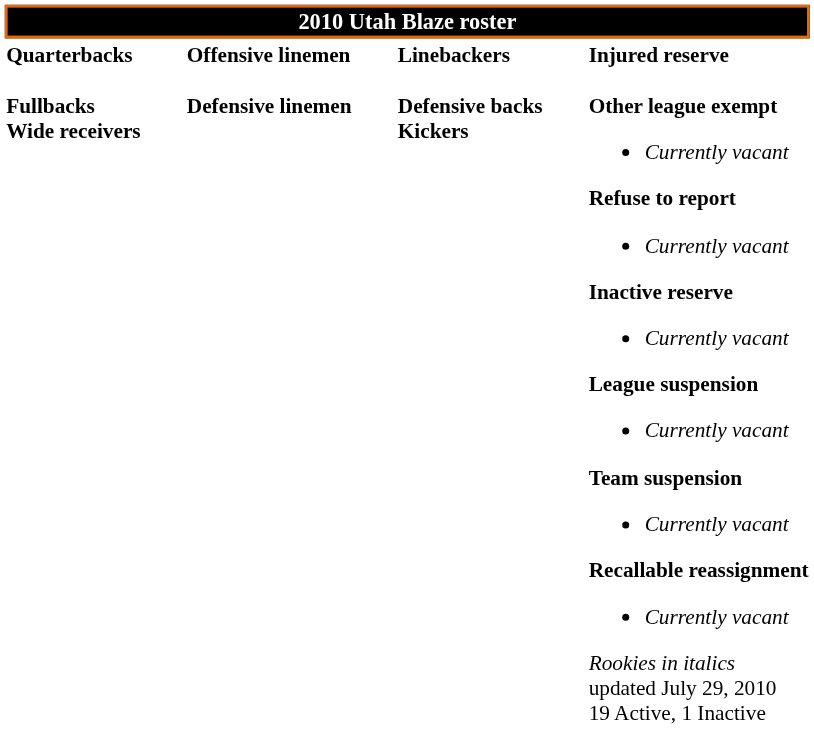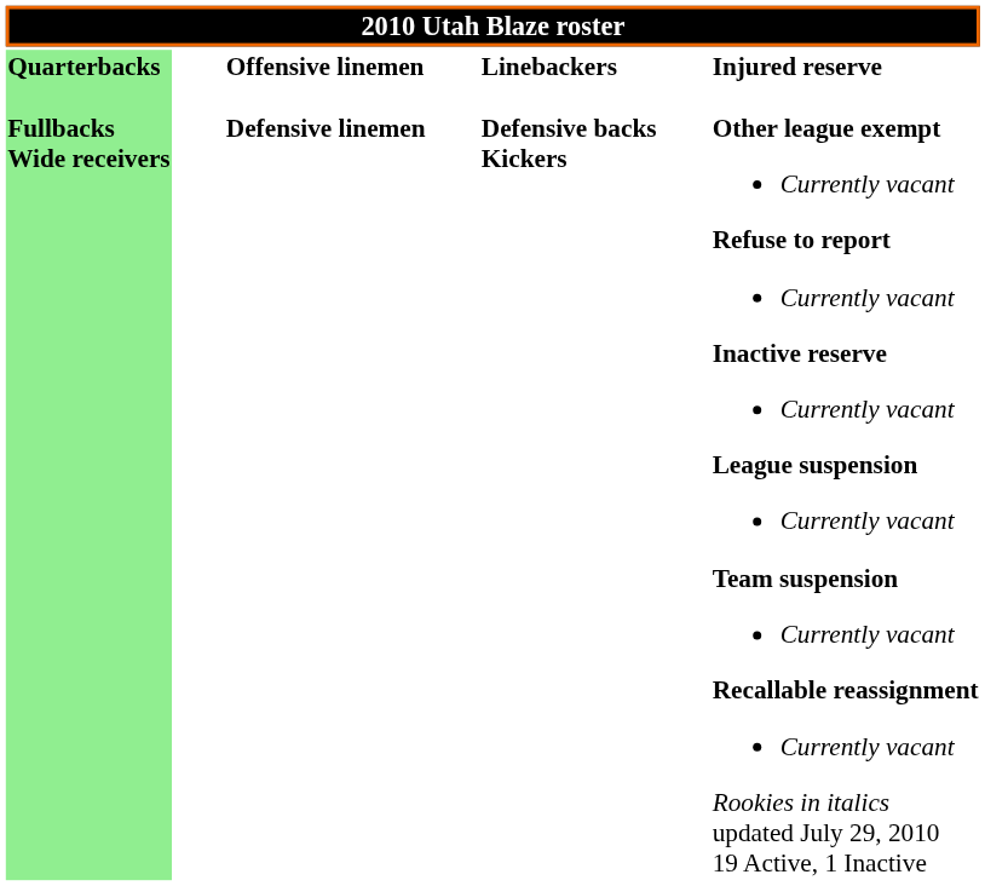 <table class="toccolours" style="text-align: left;">
 <tr>
 <th colspan=7 style="background:#000; border: 2px solid #e60; color:#FFF; text-align:center;"><strong>2010 Utah Blaze roster</strong></th>
 </tr>
 <tr>
-<td style="font-size: 95%;" valign="top"><strong>Quarterbacks</strong><br> <br><strong>Fullbacks</strong> <br><strong>Wide receivers</strong>    </td>
+<td style="background: lightgreen; font-size: 95%;" valign="top"><strong>Quarterbacks</strong><br> <br><strong>Fullbacks</strong> <br><strong>Wide receivers</strong>    </td>
 <td style="width: 25px;"></td>
 <td style="font-size: 95%;" valign="top"><strong>Offensive linemen</strong><br><br><strong>Defensive linemen</strong>    </td>
 <td style="width: 25px;"></td>
 <td style="font-size: 95%;" valign="top"><strong>Linebackers</strong><br><br><strong>Defensive backs</strong>     <br><strong>Kickers</strong> </td>
 <td style="width: 25px;"></td>
 <td style="font-size: 95%;" valign="top"><strong>Injured reserve</strong><br><br><strong>Other league exempt</strong><ul><li><em>Currently vacant</em></li></ul><strong>Refuse to report</strong><ul><li><em>Currently vacant</em></li></ul><strong>Inactive reserve</strong><ul><li><em>Currently vacant</em></li></ul><strong>League suspension</strong><ul><li><em>Currently vacant</em></li></ul><strong>Team suspension</strong><ul><li><em>Currently vacant</em></li></ul><strong>Recallable reassignment</strong><ul><li><em>Currently vacant</em></li></ul> <em>Rookies in italics</em><br>  updated July 29, 2010<br> 19 Active, 1 Inactive </td>
 </tr>
 <tr>
 </tr>
 </table>
